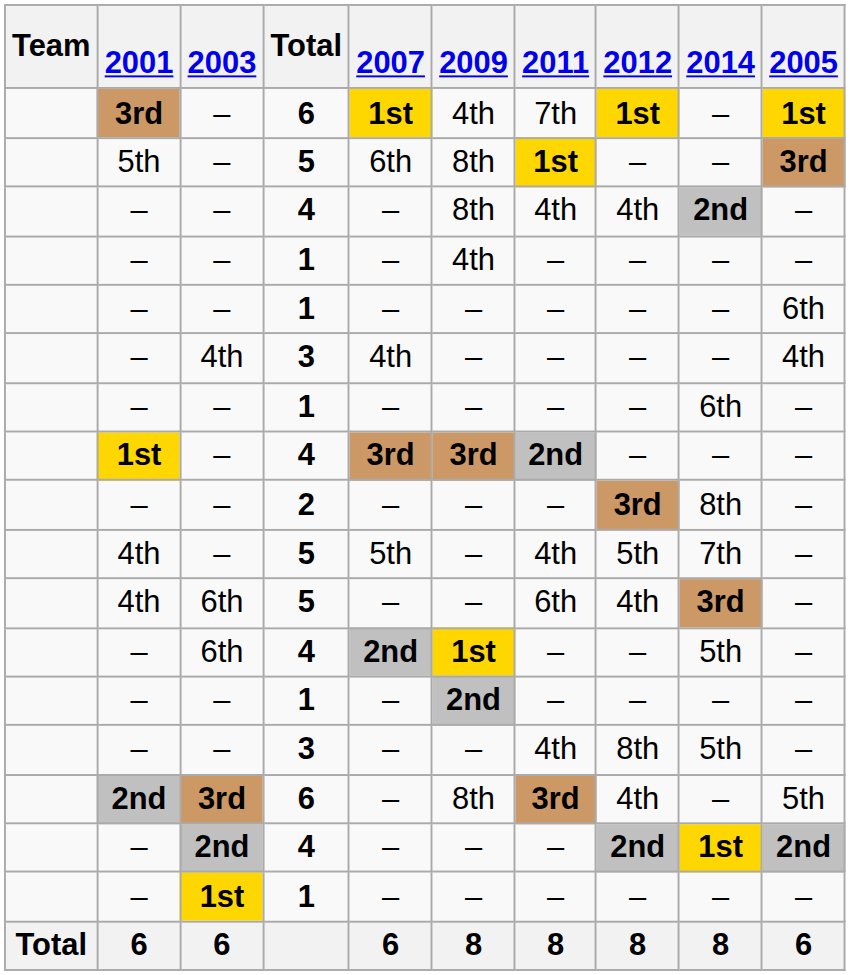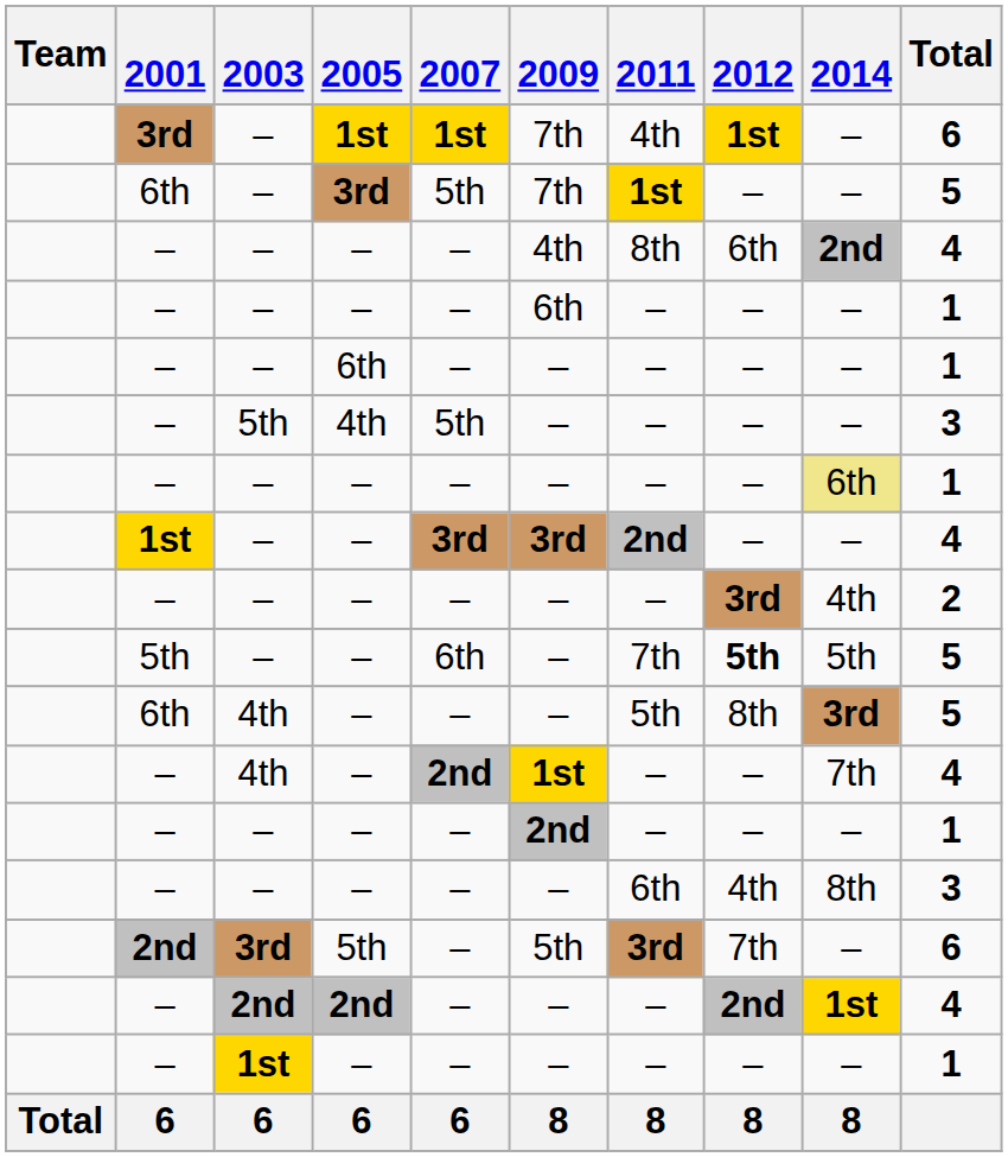 <table class=wikitable style="text-align:center">
 <tr>
 <th>Team</th>
 <th><br><a href='#'>2001</a></th>
 <th><br><a href='#'>2003</a></th>
-<th>Total</th>
+<th><br><a href='#'>2005</a></th>
 <th><br><a href='#'>2007</a></th>
 <th><br><a href='#'>2009</a></th>
 <th><br><a href='#'>2011</a></th>
 <th><br><a href='#'>2012</a></th>
 <th><br><a href='#'>2014</a></th>
-<th><br><a href='#'>2005</a></th>
+<th>Total</th>
 </tr>
 <tr>
 <td align=left></td>
 <td bgcolor=cc9966><strong>3rd</strong></td>
 <td>–</td>
+<td bgcolor=gold><strong>1st</strong></td>
+<td bgcolor=gold><strong>1st</strong></td>
+<td>7th</td>
+<td>4th</td>
+<td bgcolor=gold><strong>1st</strong></td>
+<td>–</td>
 <td><strong>6</strong></td>
-<td bgcolor=gold><strong>1st</strong></td>
-<td>4th</td>
+</tr>
+<tr>
+<td align=left></td>
+<td>6th</td>
+<td>–</td>
+<td bgcolor=cc9966><strong>3rd</strong></td>
+<td>5th</td>
 <td>7th</td>
 <td bgcolor=gold><strong>1st</strong></td>
 <td>–</td>
+<td>–</td>
+<td><strong>5</strong></td>
+</tr>
+<tr>
+<td align=left></td>
+<td>–</td>
+<td>–</td>
+<td>–</td>
+<td>–</td>
+<td>4th</td>
+<td>8th</td>
+<td>6th</td>
+<td bgcolor=silver><strong>2nd</strong></td>
+<td><strong>4</strong></td>
+</tr>
+<tr>
+<td align=left></td>
+<td>–</td>
+<td>–</td>
+<td>–</td>
+<td>–</td>
+<td>6th</td>
+<td>–</td>
+<td>–</td>
+<td>–</td>
+<td><strong>1</strong></td>
+</tr>
+<tr>
+<td align=left></td>
+<td>–</td>
+<td>–</td>
+<td>6th</td>
+<td>–</td>
+<td>–</td>
+<td>–</td>
+<td>–</td>
+<td>–</td>
+<td><strong>1</strong></td>
+</tr>
+<tr>
+<td align=left></td>
+<td>–</td>
+<td>5th</td>
+<td>4th</td>
+<td>5th</td>
+<td>–</td>
+<td>–</td>
+<td>–</td>
+<td>–</td>
+<td><strong>3</strong></td>
+</tr>
+<tr>
+<td align=left></td>
+<td>–</td>
+<td>–</td>
+<td>–</td>
+<td>–</td>
+<td>–</td>
+<td>–</td>
+<td>–</td>
+<td style="background: khaki;">6th</td>
+<td><strong>1</strong></td>
+</tr>
+<tr>
+<td align=left></td>
 <td bgcolor=gold><strong>1st</strong></td>
+<td>–</td>
+<td>–</td>
+<td bgcolor=cc9966><strong>3rd</strong></td>
+<td bgcolor=cc9966><strong>3rd</strong></td>
+<td bgcolor=silver><strong>2nd</strong></td>
+<td>–</td>
+<td>–</td>
+<td><strong>4</strong></td>
+</tr>
+<tr>
+<td align=left></td>
+<td>–</td>
+<td>–</td>
+<td>–</td>
+<td>–</td>
+<td>–</td>
+<td>–</td>
+<td bgcolor=cc9966><strong>3rd</strong></td>
+<td>4th</td>
+<td><strong>2</strong></td>
 </tr>
 <tr>
 <td align=left></td>
 <td>5th</td>
 <td>–</td>
+<td>–</td>
+<td>6th</td>
+<td>–</td>
+<td>7th</td>
+<td><strong>5th</strong></td>
+<td>5th</td>
 <td><strong>5</strong></td>
+</tr>
+<tr>
+<td align=left></td>
 <td>6th</td>
+<td>4th</td>
+<td>–</td>
+<td>–</td>
+<td>–</td>
+<td>5th</td>
 <td>8th</td>
+<td bgcolor=cc9966><strong>3rd</strong></td>
+<td><strong>5</strong></td>
+</tr>
+<tr>
+<td align=left></td>
+<td>–</td>
+<td>4th</td>
+<td>–</td>
+<td bgcolor=silver><strong>2nd</strong></td>
 <td bgcolor=gold><strong>1st</strong></td>
 <td>–</td>
 <td>–</td>
-<td bgcolor=cc9966><strong>3rd</strong></td>
+<td>7th</td>
+<td><strong>4</strong></td>
 </tr>
 <tr>
 <td align=left></td>
 <td>–</td>
 <td>–</td>
-<td><strong>4</strong></td>
 <td>–</td>
-<td>8th</td>
-<td>4th</td>
-<td>4th</td>
+<td>–</td>
 <td bgcolor=silver><strong>2nd</strong></td>
 <td>–</td>
+<td>–</td>
+<td>–</td>
+<td><strong>1</strong></td>
 </tr>
 <tr>
 <td align=left></td>
-<td>–</td>
-<td>–</td>
-<td><strong>1</strong></td>
-<td>–</td>
-<td>4th</td>
-<td>–</td>
-<td>–</td>
-<td>–</td>
-<td>–</td>
-</tr>
-<tr>
-<td align=left></td>
-<td>–</td>
-<td>–</td>
-<td><strong>1</strong></td>
 <td>–</td>
 <td>–</td>
 <td>–</td>
 <td>–</td>
 <td>–</td>
 <td>6th</td>
-</tr>
-<tr>
-<td align=left></td>
-<td>–</td>
-<td>4th</td>
-<td><strong>3</strong></td>
-<td>4th</td>
-<td>–</td>
-<td>–</td>
-<td>–</td>
-<td>–</td>
-<td>4th</td>
-</tr>
-<tr>
-<td align=left></td>
-<td>–</td>
-<td>–</td>
-<td><strong>1</strong></td>
-<td>–</td>
-<td>–</td>
-<td>–</td>
-<td>–</td>
-<td>6th</td>
-<td>–</td>
-</tr>
-<tr>
-<td align=left></td>
-<td bgcolor=gold><strong>1st</strong></td>
-<td>–</td>
-<td><strong>4</strong></td>
-<td bgcolor=cc9966><strong>3rd</strong></td>
-<td bgcolor=cc9966><strong>3rd</strong></td>
-<td bgcolor=silver><strong>2nd</strong></td>
-<td>–</td>
-<td>–</td>
-<td>–</td>
-</tr>
-<tr>
-<td align=left></td>
-<td>–</td>
-<td>–</td>
-<td><strong>2</strong></td>
-<td>–</td>
-<td>–</td>
-<td>–</td>
-<td bgcolor=cc9966><strong>3rd</strong></td>
-<td>8th</td>
-<td>–</td>
-</tr>
-<tr>
-<td align=left></td>
-<td>4th</td>
-<td>–</td>
-<td><strong>5</strong></td>
-<td>5th</td>
-<td>–</td>
-<td>4th</td>
-<td>5th</td>
-<td>7th</td>
-<td>–</td>
-</tr>
-<tr>
-<td align=left></td>
-<td>4th</td>
-<td>6th</td>
-<td><strong>5</strong></td>
-<td>–</td>
-<td>–</td>
-<td>6th</td>
-<td>4th</td>
-<td bgcolor=cc9966><strong>3rd</strong></td>
-<td>–</td>
-</tr>
-<tr>
-<td align=left></td>
-<td>–</td>
-<td>6th</td>
-<td><strong>4</strong></td>
-<td bgcolor=silver><strong>2nd</strong></td>
-<td bgcolor=gold><strong>1st</strong></td>
-<td>–</td>
-<td>–</td>
-<td>5th</td>
-<td>–</td>
-</tr>
-<tr>
-<td align=left></td>
-<td>–</td>
-<td>–</td>
-<td><strong>1</strong></td>
-<td>–</td>
-<td bgcolor=silver><strong>2nd</strong></td>
-<td>–</td>
-<td>–</td>
-<td>–</td>
-<td>–</td>
-</tr>
-<tr>
-<td align=left></td>
-<td>–</td>
-<td>–</td>
-<td><strong>3</strong></td>
-<td>–</td>
-<td>–</td>
 <td>4th</td>
 <td>8th</td>
-<td>5th</td>
-<td>–</td>
+<td><strong>3</strong></td>
 </tr>
 <tr>
 <td align=left></td>
 <td bgcolor=silver><strong>2nd</strong></td>
 <td bgcolor=cc9966><strong>3rd</strong></td>
-<td><strong>6</strong></td>
-<td>–</td>
-<td>8th</td>
-<td bgcolor=cc9966><strong>3rd</strong></td>
-<td>4th</td>
+<td>5th</td>
 <td>–</td>
 <td>5th</td>
+<td bgcolor=cc9966><strong>3rd</strong></td>
+<td>7th</td>
+<td>–</td>
+<td><strong>6</strong></td>
 </tr>
 <tr>
 <td align=left></td>
 <td>–</td>
 <td bgcolor=silver><strong>2nd</strong></td>
-<td><strong>4</strong></td>
+<td bgcolor=silver><strong>2nd</strong></td>
 <td>–</td>
 <td>–</td>
 <td>–</td>
 <td bgcolor=silver><strong>2nd</strong></td>
 <td bgcolor=gold><strong>1st</strong></td>
-<td bgcolor=silver><strong>2nd</strong></td>
+<td><strong>4</strong></td>
 </tr>
 <tr>
 <td align=left></td>
 <td>–</td>
 <td bgcolor=gold><strong>1st</strong></td>
-<td><strong>1</strong></td>
 <td>–</td>
 <td>–</td>
 <td>–</td>
 <td>–</td>
 <td>–</td>
 <td>–</td>
+<td><strong>1</strong></td>
 </tr>
 <tr>
 <th>Total</th>
 <th>6</th>
 <th>6</th>
-<th></th>
+<th>6</th>
 <th>6</th>
 <th>8</th>
 <th>8</th>
 <th>8</th>
 <th>8</th>
-<th>6</th>
+<th></th>
 </tr>
 </table>
